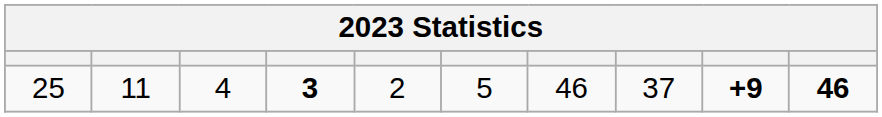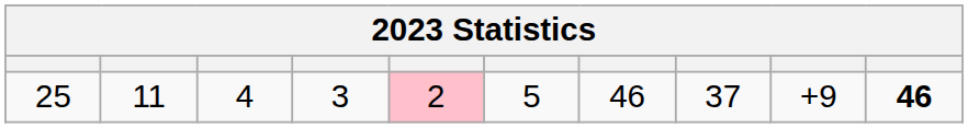 <table class="wikitable" style="text-align: center;">
 <tr>
 <th colspan=10><strong>2023 Statistics</strong></th>
 </tr>
 <tr>
 <th style="width: 40px;"></th>
 <th style="width: 40px;"></th>
 <th style="width: 40px;"></th>
 <th style="width: 40px;"></th>
 <th style="width: 40px;"></th>
 <th style="width: 40px;"></th>
 <th style="width: 40px;"></th>
 <th style="width: 40px;"></th>
 <th style="width: 40px;"></th>
 <th style="width: 40px;"></th>
 </tr>
 <tr>
 <td>25</td>
 <td>11</td>
 <td>4</td>
-<td><strong>3</strong></td>
-<td>2</td>
+<td>3</td>
+<td style="background: pink;">2</td>
 <td>5</td>
 <td>46</td>
 <td>37</td>
-<td><strong>+9</strong></td>
+<td>+9</td>
 <td><strong>46</strong></td>
 </tr>
 </table>
